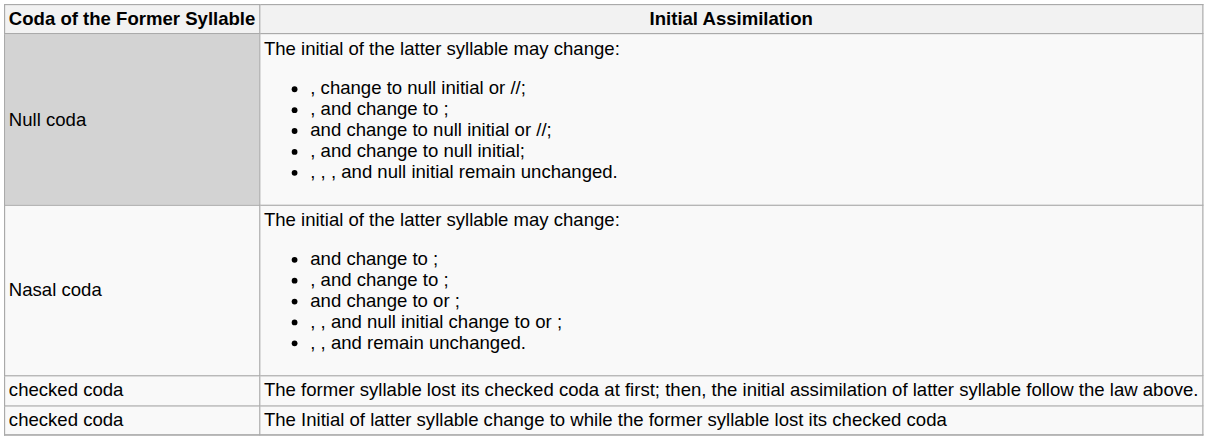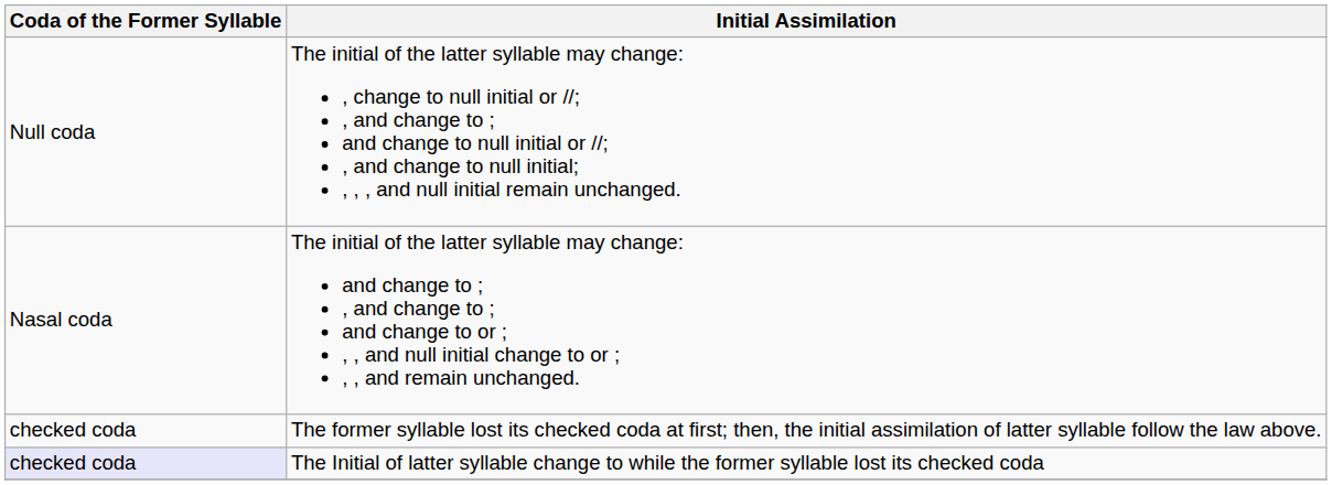 <table class="wikitable">
 <tr>
 <th bgcolor="#ABCDEF">Coda of the Former Syllable</th>
 <th bgcolor="#ABCDEF">Initial Assimilation</th>
 </tr>
 <tr>
-<td style="background: lightgrey;">Null coda</td>
+<td>Null coda</td>
 <td>The initial of the latter syllable may change:<br><ul><li>,  change to null initial or //;</li><li>,  and  change to ;</li><li> and  change to null initial or //;</li><li>,  and  change to null initial;</li><li>, , ,  and null initial remain unchanged.</li></ul></td>
 </tr>
 <tr>
 <td>Nasal coda</td>
 <td>The initial of the latter syllable may change:<br><ul><li> and  change to ;</li><li>,  and  change to ;</li><li> and  change to  or ;</li><li>, ,  and null initial change to  or ;</li><li>, ,  and  remain unchanged.</li></ul></td>
 </tr>
 <tr>
 <td>checked coda</td>
 <td>The former syllable lost its checked coda at first; then, the initial assimilation of latter syllable follow the law above.</td>
 </tr>
 <tr>
-<td>checked coda </td>
+<td style="background: lavender;">checked coda </td>
 <td>The Initial of latter syllable change to  while the former syllable lost its checked coda </td>
 </tr>
 <tr>
 </tr>
 </table>
